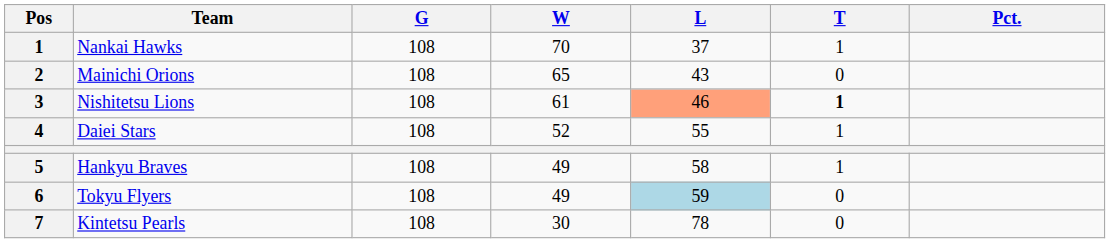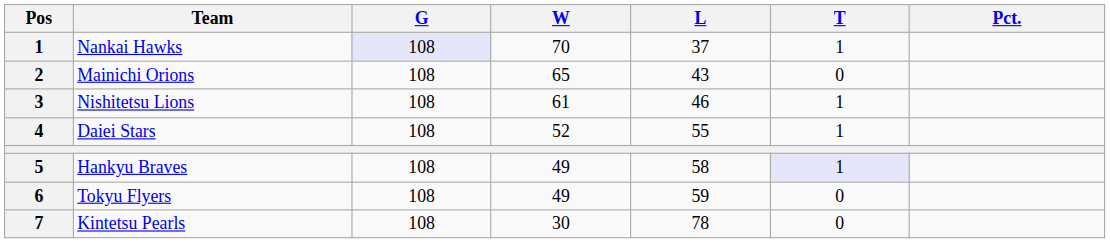 <table class="wikitable plainrowheaders" width="50%" style="text-align:center;">
 <tr>
 <th scope="col" width="2%">Pos</th>
 <th scope="col" width="10%">Team</th>
 <th scope="col" width="5%"><a href='#'>G</a></th>
 <th scope="col" width="5%"><a href='#'>W</a></th>
 <th scope="col" width="5%"><a href='#'>L</a></th>
 <th scope="col" width="5%"><a href='#'>T</a></th>
 <th scope="col" width="7%"><a href='#'>Pct.</a></th>
 </tr>
 <tr>
 <th>1</th>
 <td style="text-align:left;"><a href='#'>Nankai Hawks</a></td>
-<td>108</td>
+<td style="background: lavender;">108</td>
 <td>70</td>
 <td>37</td>
 <td>1</td>
 <td></td>
 </tr>
 <tr>
 <th>2</th>
 <td style="text-align:left;"><a href='#'>Mainichi Orions</a></td>
 <td>108</td>
 <td>65</td>
 <td>43</td>
 <td>0</td>
 <td></td>
 </tr>
 <tr>
 <th>3</th>
 <td style="text-align:left;"><a href='#'>Nishitetsu Lions</a></td>
 <td>108</td>
 <td>61</td>
-<td style="background: lightsalmon;">46</td>
-<td><strong>1</strong></td>
+<td>46</td>
+<td>1</td>
 <td></td>
 </tr>
 <tr>
 <th>4</th>
 <td style="text-align:left;"><a href='#'>Daiei Stars</a></td>
 <td>108</td>
 <td>52</td>
 <td>55</td>
 <td>1</td>
 <td></td>
 </tr>
 <tr>
 <th colspan="7"></th>
 </tr>
 <tr>
 <th>5</th>
 <td style="text-align:left;"><a href='#'>Hankyu Braves</a></td>
 <td>108</td>
 <td>49</td>
 <td>58</td>
-<td>1</td>
+<td style="background: lavender;">1</td>
 <td></td>
 </tr>
 <tr>
 <th>6</th>
 <td style="text-align:left;"><a href='#'>Tokyu Flyers</a></td>
 <td>108</td>
 <td>49</td>
-<td style="background: lightblue;">59</td>
+<td>59</td>
 <td>0</td>
 <td></td>
 </tr>
 <tr>
 <th>7</th>
 <td style="text-align:left;"><a href='#'>Kintetsu Pearls</a></td>
 <td>108</td>
 <td>30</td>
 <td>78</td>
 <td>0</td>
 <td></td>
 </tr>
 </table>
